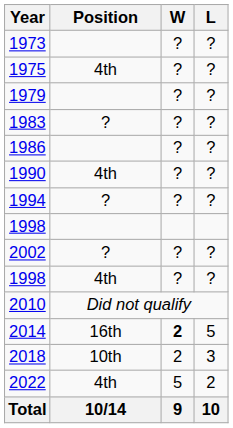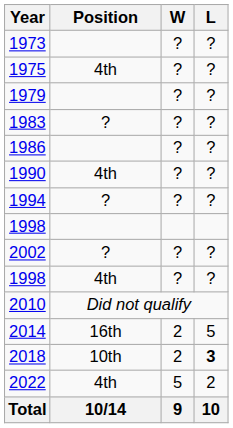 <table class="wikitable" style="text-align: center;">
 <tr>
 <th>Year</th>
 <th width="100">Position</th>
 <th width="25">W</th>
 <th width="25">L</th>
 </tr>
 <tr>
 <td> <a href='#'>1973</a></td>
 <td></td>
 <td>?</td>
 <td>?</td>
 </tr>
 <tr>
 <td> <a href='#'>1975</a></td>
 <td>4th</td>
 <td>?</td>
 <td>?</td>
 </tr>
 <tr>
 <td> <a href='#'>1979</a></td>
 <td></td>
 <td>?</td>
 <td>?</td>
 </tr>
 <tr>
 <td> <a href='#'>1983</a></td>
 <td>?</td>
 <td>?</td>
 <td>?</td>
 </tr>
 <tr>
 <td> <a href='#'>1986</a></td>
 <td></td>
 <td>?</td>
 <td>?</td>
 </tr>
 <tr>
 <td> <a href='#'>1990</a></td>
 <td>4th</td>
 <td>?</td>
 <td>?</td>
 </tr>
 <tr>
 <td> <a href='#'>1994</a></td>
 <td>?</td>
 <td>?</td>
 <td>?</td>
 </tr>
 <tr>
 <td> <a href='#'>1998</a></td>
 <td></td>
 <td></td>
 <td></td>
 </tr>
 <tr>
 <td> <a href='#'>2002</a></td>
 <td>?</td>
 <td>?</td>
 <td>?</td>
 </tr>
 <tr>
 <td> <a href='#'>1998</a></td>
 <td>4th</td>
 <td>?</td>
 <td>?</td>
 </tr>
 <tr>
 <td> <a href='#'>2010</a></td>
 <td colspan=3><em>Did not qualify</em></td>
 </tr>
 <tr>
 <td> <a href='#'>2014</a></td>
 <td>16th</td>
-<td><strong>2</strong></td>
+<td>2</td>
 <td>5</td>
 </tr>
 <tr>
 <td> <a href='#'>2018</a></td>
 <td>10th</td>
 <td>2</td>
-<td>3</td>
+<td><strong>3</strong></td>
 </tr>
 <tr>
 <td> <a href='#'>2022</a></td>
 <td>4th</td>
 <td>5</td>
 <td>2</td>
 </tr>
 <tr>
 <th>Total</th>
 <th>10/14</th>
 <th>9</th>
 <th>10</th>
 </tr>
 </table>
